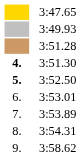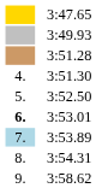 <table style="text-align:center">
 <tr>
 <td width=30 bgcolor=gold></td>
 <td align=left></td>
 <td width=60>3:47.65</td>
 </tr>
 <tr>
 <td bgcolor=silver></td>
 <td align=left></td>
 <td>3:49.93</td>
 </tr>
 <tr>
 <td bgcolor=cc9966></td>
 <td align=left></td>
 <td>3:51.28</td>
 </tr>
 <tr>
-<td><strong>4.</strong></td>
+<td>4.</td>
 <td align=left></td>
 <td>3:51.30</td>
 </tr>
 <tr>
-<td><strong>5.</strong></td>
+<td>5.</td>
 <td align=left></td>
 <td>3:52.50</td>
 </tr>
 <tr>
-<td>6.</td>
+<td><strong>6.</strong></td>
 <td align=left></td>
 <td>3:53.01</td>
 </tr>
 <tr>
-<td>7.</td>
+<td style="background: lightblue;">7.</td>
 <td align=left></td>
 <td>3:53.89</td>
 </tr>
 <tr>
 <td>8.</td>
 <td align=left></td>
 <td>3:54.31</td>
 </tr>
 <tr>
 <td>9.</td>
 <td align=left></td>
 <td>3:58.62</td>
 </tr>
 </table>
